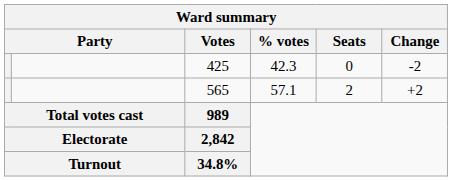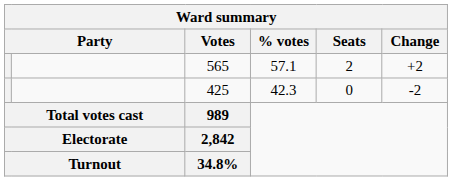 <table class="wikitable" style="font-size: 95%;">
 <tr>
 <th colspan="6">Ward summary</th>
 </tr>
 <tr>
 <th colspan="2">Party</th>
 <th style="width: 60px">Votes</th>
 <th style="width: 60px">% votes</th>
 <th style="width: 60px">Seats</th>
 <th style="width: 60px">Change</th>
 </tr>
 <tr>
 <th style="background-color: "></th>
 <td style="width: 170px"><a href='#'></a></td>
+<td align="center">565</td>
+<td align="center">57.1</td>
+<td align="center">2</td>
+<td align="center">+2</td>
+</tr>
+<tr>
+<th style="background-color: "></th>
+<td style="width: 170px"><a href='#'></a></td>
 <td align="center">425</td>
 <td align="center">42.3</td>
 <td align="center">0</td>
 <td align="center">-2</td>
-</tr>
-<tr>
-<th style="background-color: "></th>
-<td style="width: 170px"><a href='#'></a></td>
-<td align="center">565</td>
-<td align="center">57.1</td>
-<td align="center">2</td>
-<td align="center">+2</td>
 </tr>
 <tr style="background-color:#E9E9E9">
 <th colspan="2">Total votes cast</th>
 <th style="width: 60px">989</th>
 </tr>
 <tr style="background-color:#E9E9E9">
 <th colspan="2">Electorate</th>
 <th style="width: 60px">2,842</th>
 </tr>
 <tr style="background-color:#E9E9E9">
 <th colspan="2">Turnout</th>
 <th style="width: 60px">34.8%</th>
 </tr>
 </table>
